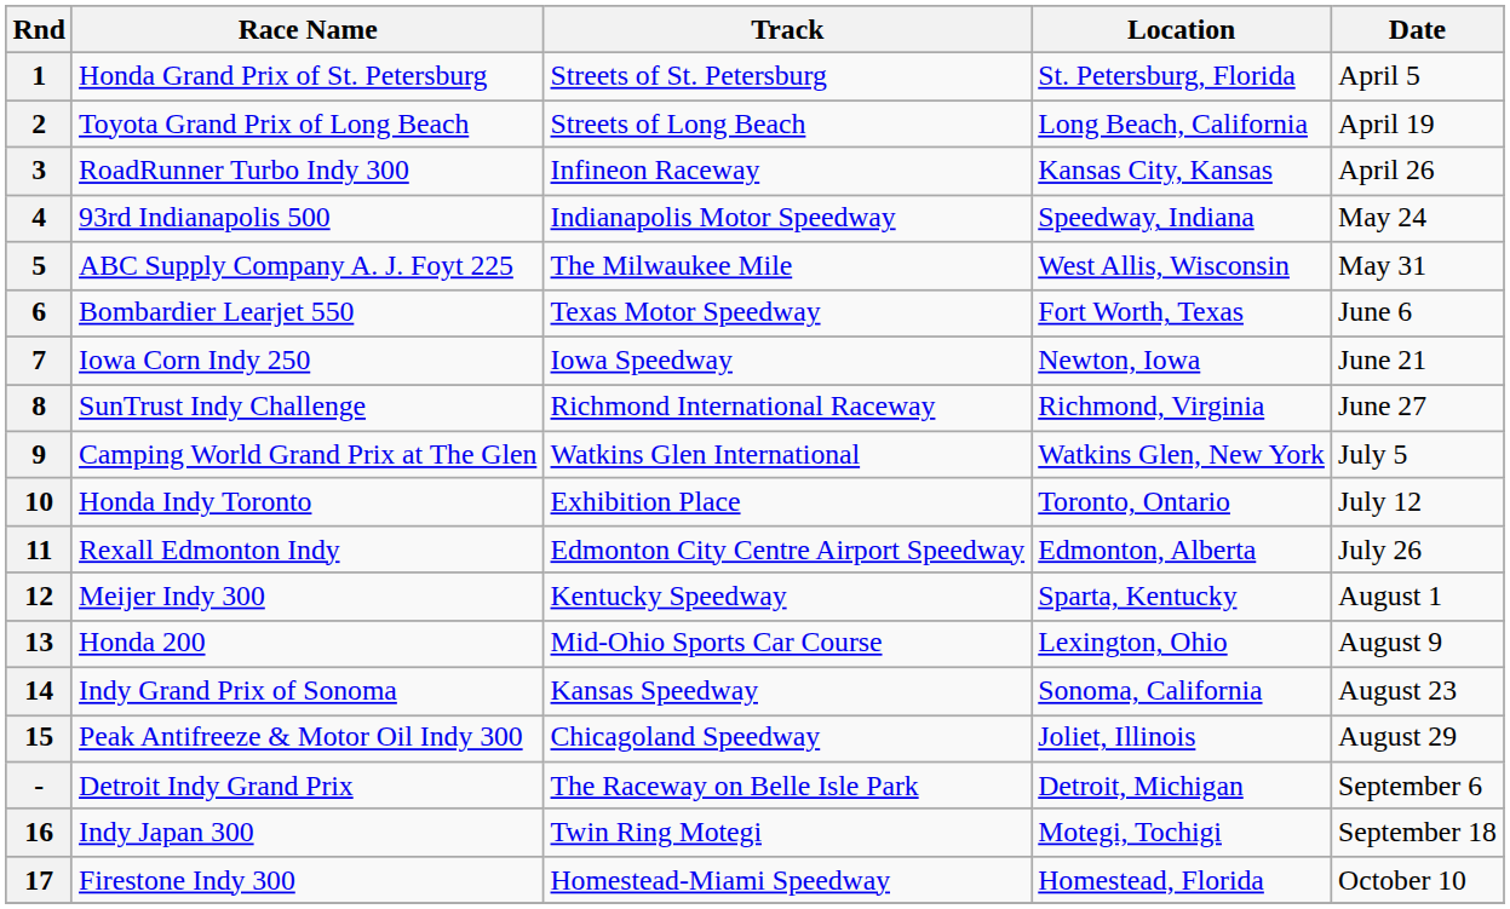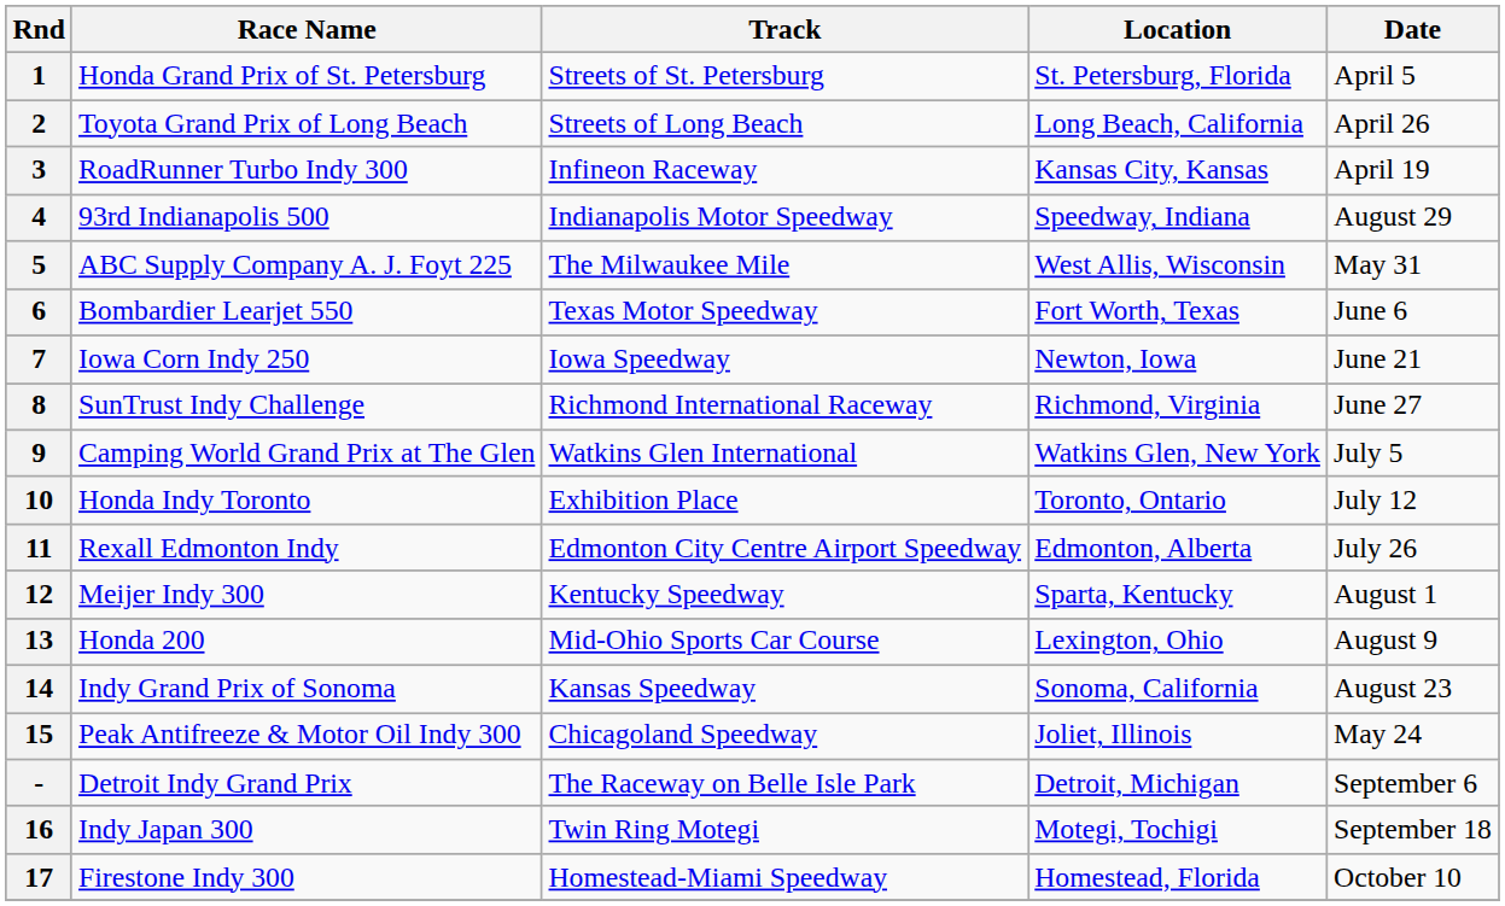 <table class="wikitable" style="font-size: 85%">
 <tr>
 <th>Rnd</th>
 <th>Race Name</th>
 <th>Track</th>
 <th>Location</th>
 <th>Date</th>
 </tr>
 <tr>
 <th>1</th>
 <td><a href='#'>Honda Grand Prix of St. Petersburg</a></td>
 <td> <a href='#'>Streets of St. Petersburg</a></td>
 <td> <a href='#'>St. Petersburg, Florida</a></td>
 <td>April 5</td>
 </tr>
 <tr>
 <th>2</th>
 <td><a href='#'>Toyota Grand Prix of Long Beach</a></td>
 <td> <a href='#'>Streets of Long Beach</a></td>
 <td> <a href='#'>Long Beach, California</a></td>
-<td>April 19</td>
+<td>April 26</td>
 </tr>
 <tr>
 <th>3</th>
 <td><a href='#'>RoadRunner Turbo Indy 300</a></td>
 <td> <a href='#'>Infineon Raceway</a></td>
 <td> <a href='#'>Kansas City, Kansas</a></td>
-<td>April 26</td>
+<td>April 19</td>
 </tr>
 <tr>
 <th>4</th>
 <td><a href='#'>93rd Indianapolis 500</a></td>
 <td> <a href='#'>Indianapolis Motor Speedway</a></td>
 <td> <a href='#'>Speedway, Indiana</a></td>
-<td>May 24</td>
+<td>August 29</td>
 </tr>
 <tr>
 <th>5</th>
 <td><a href='#'>ABC Supply Company A. J. Foyt 225</a></td>
 <td> <a href='#'>The Milwaukee Mile</a></td>
 <td> <a href='#'>West Allis, Wisconsin</a></td>
 <td>May 31</td>
 </tr>
 <tr>
 <th>6</th>
 <td><a href='#'>Bombardier Learjet 550</a></td>
 <td> <a href='#'>Texas Motor Speedway</a></td>
 <td> <a href='#'>Fort Worth, Texas</a></td>
 <td>June 6</td>
 </tr>
 <tr>
 <th>7</th>
 <td><a href='#'>Iowa Corn Indy 250</a></td>
 <td> <a href='#'>Iowa Speedway</a></td>
 <td> <a href='#'>Newton, Iowa</a></td>
 <td>June 21</td>
 </tr>
 <tr>
 <th>8</th>
 <td><a href='#'>SunTrust Indy Challenge</a></td>
 <td> <a href='#'>Richmond International Raceway</a></td>
 <td> <a href='#'>Richmond, Virginia</a></td>
 <td>June 27</td>
 </tr>
 <tr>
 <th>9</th>
 <td><a href='#'>Camping World Grand Prix at The Glen</a></td>
 <td> <a href='#'>Watkins Glen International</a></td>
 <td> <a href='#'>Watkins Glen, New York</a></td>
 <td>July 5</td>
 </tr>
 <tr>
 <th>10</th>
 <td><a href='#'>Honda Indy Toronto</a></td>
 <td> <a href='#'>Exhibition Place</a></td>
 <td> <a href='#'>Toronto, Ontario</a></td>
 <td>July 12</td>
 </tr>
 <tr>
 <th>11</th>
 <td><a href='#'>Rexall Edmonton Indy</a></td>
 <td> <a href='#'>Edmonton City Centre Airport Speedway</a></td>
 <td> <a href='#'>Edmonton, Alberta</a></td>
 <td>July 26</td>
 </tr>
 <tr>
 <th>12</th>
 <td><a href='#'>Meijer Indy 300</a></td>
 <td> <a href='#'>Kentucky Speedway</a></td>
 <td> <a href='#'>Sparta, Kentucky</a></td>
 <td>August 1</td>
 </tr>
 <tr>
 <th>13</th>
 <td><a href='#'>Honda 200</a></td>
 <td> <a href='#'>Mid-Ohio Sports Car Course</a></td>
 <td> <a href='#'>Lexington, Ohio</a></td>
 <td>August 9</td>
 </tr>
 <tr>
 <th>14</th>
 <td><a href='#'>Indy Grand Prix of Sonoma</a></td>
 <td> <a href='#'>Kansas Speedway</a></td>
 <td> <a href='#'>Sonoma, California</a></td>
 <td>August 23</td>
 </tr>
 <tr>
 <th>15</th>
 <td><a href='#'>Peak Antifreeze & Motor Oil Indy 300</a></td>
 <td> <a href='#'>Chicagoland Speedway</a></td>
 <td> <a href='#'>Joliet, Illinois</a></td>
-<td>August 29</td>
+<td>May 24</td>
 </tr>
 <tr>
 <th>-</th>
 <td><a href='#'>Detroit Indy Grand Prix</a></td>
 <td> <a href='#'>The Raceway on Belle Isle Park</a></td>
 <td> <a href='#'>Detroit, Michigan</a></td>
 <td>September 6</td>
 </tr>
 <tr>
 <th>16</th>
 <td><a href='#'>Indy Japan 300</a></td>
 <td> <a href='#'>Twin Ring Motegi</a></td>
 <td> <a href='#'>Motegi, Tochigi</a></td>
 <td>September 18</td>
 </tr>
 <tr>
 <th>17</th>
 <td><a href='#'>Firestone Indy 300</a></td>
 <td> <a href='#'>Homestead-Miami Speedway</a></td>
 <td> <a href='#'>Homestead, Florida</a></td>
 <td>October 10</td>
 </tr>
 <tr>
 </tr>
 </table>
